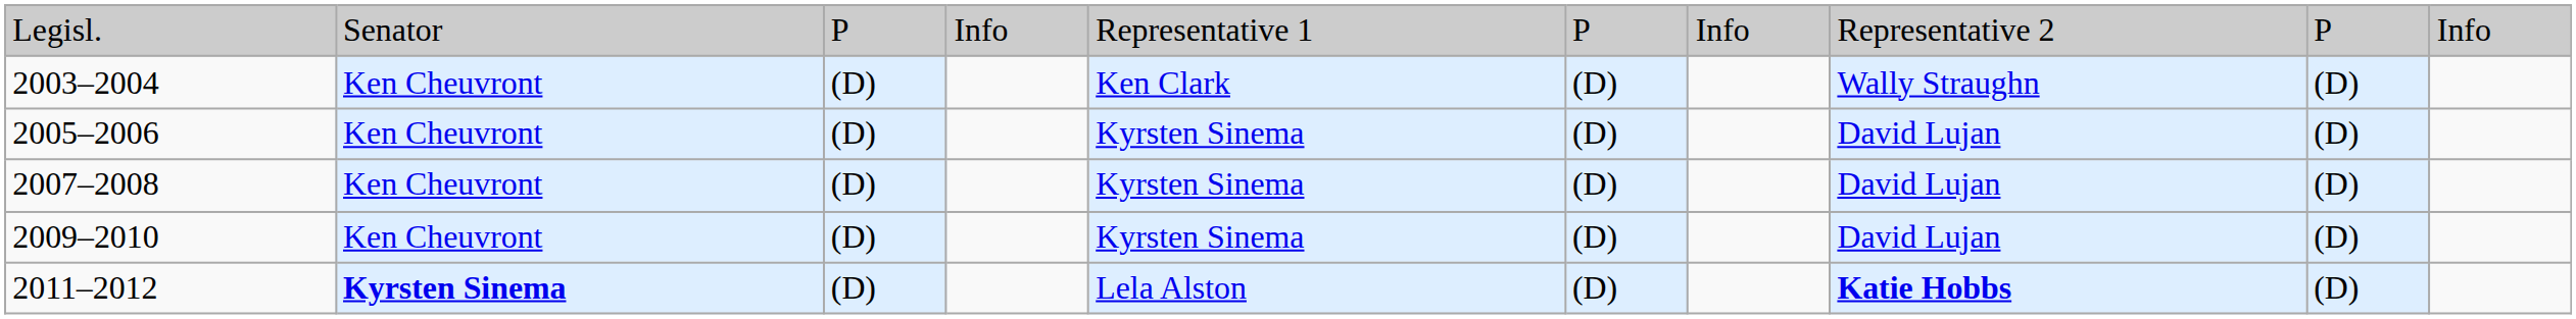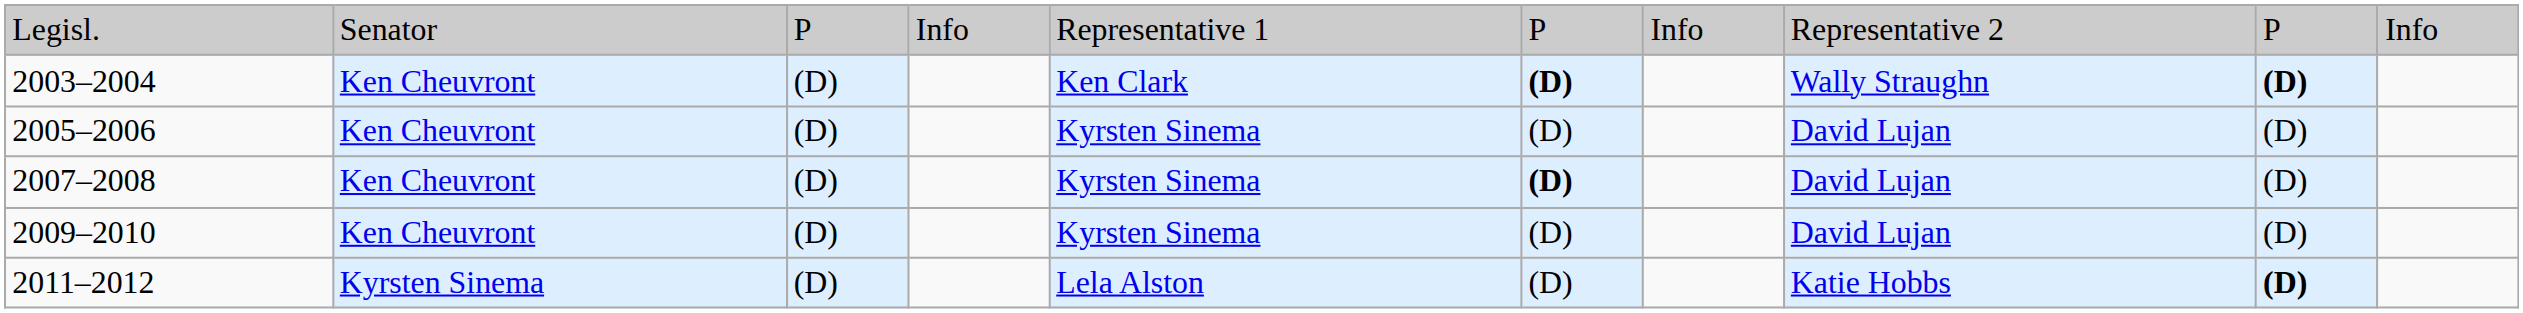 <table class=wikitable width="100%" border="1">
 <tr style="background-color:#cccccc;">
 <td>Legisl.</td>
 <td>Senator</td>
 <td>P</td>
 <td>Info</td>
 <td>Representative 1</td>
 <td>P</td>
 <td>Info</td>
 <td>Representative 2</td>
 <td>P</td>
 <td>Info</td>
 </tr>
 <tr>
 <td>2003–2004</td>
 <td style="background:#DDEEFF"><a href='#'>Ken Cheuvront</a></td>
 <td style="background:#DDEEFF">(D)</td>
 <td></td>
 <td style="background:#DDEEFF"><a href='#'>Ken Clark</a></td>
-<td style="background:#DDEEFF">(D)</td>
+<td style="background:#DDEEFF"><strong>(D)</strong></td>
 <td></td>
 <td style="background:#DDEEFF"><a href='#'>Wally Straughn</a></td>
-<td style="background:#DDEEFF">(D)</td>
+<td style="background:#DDEEFF"><strong>(D)</strong></td>
 <td></td>
 </tr>
 <tr>
 <td>2005–2006</td>
 <td style="background:#DDEEFF"><a href='#'>Ken Cheuvront</a></td>
 <td style="background:#DDEEFF">(D)</td>
 <td></td>
 <td style="background:#DDEEFF"><a href='#'>Kyrsten Sinema</a></td>
 <td style="background:#DDEEFF">(D)</td>
 <td></td>
 <td style="background:#DDEEFF"><a href='#'>David Lujan</a></td>
 <td style="background:#DDEEFF">(D)</td>
 <td></td>
 </tr>
 <tr>
 <td>2007–2008</td>
 <td style="background:#DDEEFF"><a href='#'>Ken Cheuvront</a></td>
 <td style="background:#DDEEFF">(D)</td>
 <td></td>
 <td style="background:#DDEEFF"><a href='#'>Kyrsten Sinema</a></td>
-<td style="background:#DDEEFF">(D)</td>
+<td style="background:#DDEEFF"><strong>(D)</strong></td>
 <td></td>
 <td style="background:#DDEEFF"><a href='#'>David Lujan</a></td>
 <td style="background:#DDEEFF">(D)</td>
 <td></td>
 </tr>
 <tr>
 <td>2009–2010</td>
 <td style="background:#DDEEFF"><a href='#'>Ken Cheuvront</a></td>
 <td style="background:#DDEEFF">(D)</td>
 <td></td>
 <td style="background:#DDEEFF"><a href='#'>Kyrsten Sinema</a></td>
 <td style="background:#DDEEFF">(D)</td>
 <td></td>
 <td style="background:#DDEEFF"><a href='#'>David Lujan</a></td>
 <td style="background:#DDEEFF">(D)</td>
 <td></td>
 </tr>
 <tr>
 <td>2011–2012</td>
-<td style="background:#DDEEFF"><strong><a href='#'>Kyrsten Sinema</a></strong></td>
+<td style="background:#DDEEFF"><a href='#'>Kyrsten Sinema</a></td>
 <td style="background:#DDEEFF">(D)</td>
 <td></td>
 <td style="background:#DDEEFF"><a href='#'>Lela Alston</a></td>
 <td style="background:#DDEEFF">(D)</td>
 <td></td>
-<td style="background:#DDEEFF"><strong><a href='#'>Katie Hobbs</a></strong></td>
-<td style="background:#DDEEFF">(D)</td>
+<td style="background:#DDEEFF"><a href='#'>Katie Hobbs</a></td>
+<td style="background:#DDEEFF"><strong>(D)</strong></td>
 <td></td>
 </tr>
 </table>
